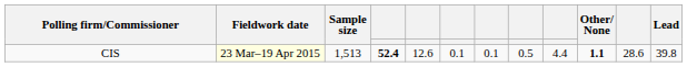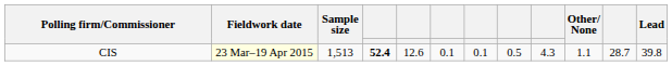 <table class="wikitable collapsible collapsed" style="text-align:center; font-size:90%; line-height:14px;">
 <tr style="height:42px;">
 <th style="width:250px;" rowspan="2">Polling firm/Commissioner</th>
 <th style="width:125px;" rowspan="2">Fieldwork date</th>
 <th style="width:50px;" rowspan="2">Sample size</th>
 <th style="width:35px;"></th>
 <th style="width:35px;"></th>
 <th style="width:35px;"></th>
 <th style="width:35px;"></th>
 <th style="width:35px;"></th>
 <th style="width:35px;"></th>
 <th style="width:35px;" rowspan="2">Other/<br>None</th>
 <th style="width:35px;" rowspan="2"></th>
 <th style="width:30px;" rowspan="2">Lead</th>
 </tr>
 <tr>
 <th style="color:inherit;background:"></th>
 <th style="color:inherit;background:"></th>
 <th style="color:inherit;background:"></th>
 <th style="color:inherit;background:"></th>
 <th style="color:inherit;background:"></th>
 <th style="color:inherit;background:"></th>
 </tr>
 <tr>
 <td>CIS</td>
 <td style="background: lightyellow;">23 Mar–19 Apr 2015</td>
 <td>1,513</td>
 <td><strong>52.4</strong></td>
 <td>12.6</td>
 <td>0.1</td>
 <td>0.1</td>
 <td>0.5</td>
-<td>4.4</td>
-<td><strong>1.1</strong></td>
-<td>28.6</td>
+<td>4.3</td>
+<td>1.1</td>
+<td>28.7</td>
 <td style="background:">39.8</td>
 </tr>
 </table>
